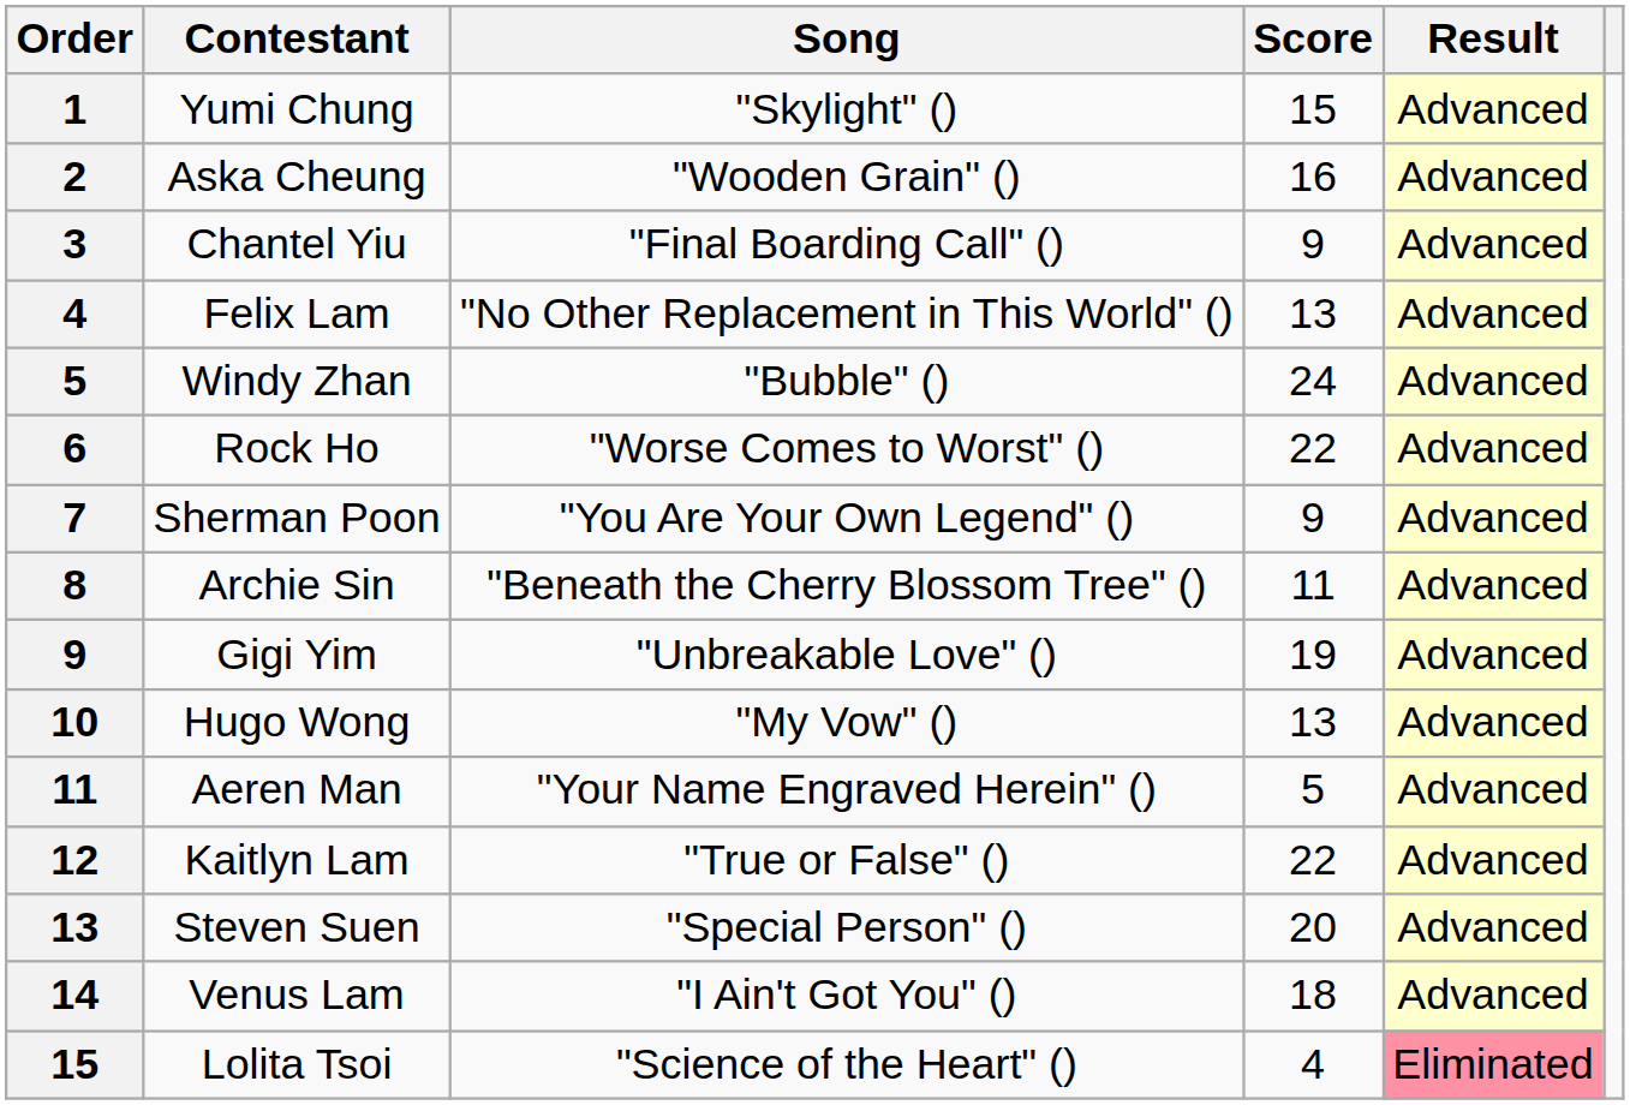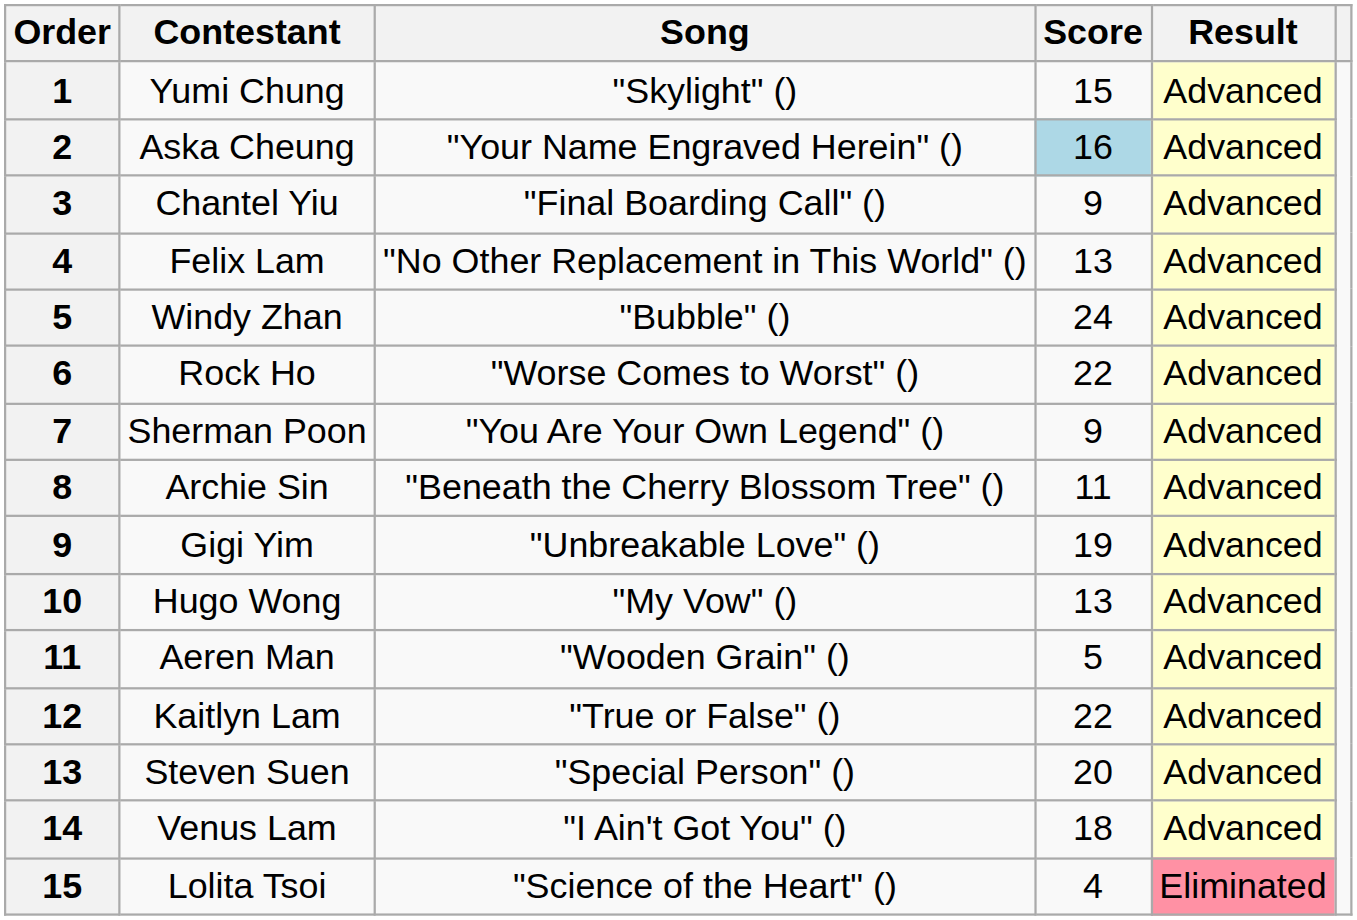 <table class="wikitable unsortable" style="text-align:center; line-height:18px;">
 <tr>
 <th scope="col">Order</th>
 <th scope="col">Contestant</th>
 <th scope="col">Song</th>
 <th>Score</th>
 <th scope="col">Result</th>
 <th></th>
 </tr>
 <tr>
 <th scope="row">1</th>
 <td>Yumi Chung</td>
 <td>"Skylight" () </td>
 <td>15</td>
 <td style="background:#FFFFCC;">Advanced</td>
 <td rowspan="15"></td>
 </tr>
 <tr>
 <th scope="row">2</th>
 <td>Aska Cheung</td>
-<td>"Wooden Grain" () </td>
-<td>16</td>
+<td>"Your Name Engraved Herein" () </td>
+<td style="background: lightblue;">16</td>
 <td style="background:#FFFFCC;">Advanced</td>
 </tr>
 <tr>
 <th scope="row">3</th>
 <td>Chantel Yiu</td>
 <td>"Final Boarding Call" () </td>
 <td>9</td>
 <td style="background:#FFFFCC;">Advanced</td>
 </tr>
 <tr>
 <th scope="row">4</th>
 <td>Felix Lam</td>
 <td>"No Other Replacement in This World" () </td>
 <td>13</td>
 <td style="background:#FFFFCC;">Advanced</td>
 </tr>
 <tr>
 <th scope="row">5</th>
 <td>Windy Zhan</td>
 <td>"Bubble" () </td>
 <td>24</td>
 <td style="background:#FFFFCC;">Advanced</td>
 </tr>
 <tr>
 <th scope="row">6</th>
 <td>Rock Ho</td>
 <td>"Worse Comes to Worst" () </td>
 <td>22</td>
 <td style="background:#FFFFCC;">Advanced</td>
 </tr>
 <tr>
 <th scope="row">7</th>
 <td>Sherman Poon</td>
 <td>"You Are Your Own Legend" () </td>
 <td>9</td>
 <td style="background:#FFFFCC;">Advanced</td>
 </tr>
 <tr>
 <th scope="row">8</th>
 <td>Archie Sin</td>
 <td>"Beneath the Cherry Blossom Tree" () </td>
 <td>11</td>
 <td style="background:#FFFFCC;">Advanced</td>
 </tr>
 <tr>
 <th scope="row">9</th>
 <td>Gigi Yim</td>
 <td>"Unbreakable Love" () </td>
 <td>19</td>
 <td style="background:#FFFFCC;">Advanced</td>
 </tr>
 <tr>
 <th scope="row">10</th>
 <td>Hugo Wong</td>
 <td>"My Vow" () </td>
 <td>13</td>
 <td style="background:#FFFFCC;">Advanced</td>
 </tr>
 <tr>
 <th scope="row">11</th>
 <td>Aeren Man</td>
-<td>"Your Name Engraved Herein" () </td>
+<td>"Wooden Grain" () </td>
 <td>5</td>
 <td style="background:#FFFFCC;">Advanced</td>
 </tr>
 <tr>
 <th scope="row">12</th>
 <td>Kaitlyn Lam</td>
 <td>"True or False" () </td>
 <td>22</td>
 <td style="background:#FFFFCC;">Advanced</td>
 </tr>
 <tr>
 <th scope="row">13</th>
 <td>Steven Suen</td>
 <td>"Special Person" () </td>
 <td>20</td>
 <td style="background:#FFFFCC;">Advanced</td>
 </tr>
 <tr>
 <th scope="row">14</th>
 <td>Venus Lam</td>
 <td>"I Ain't Got You" () </td>
 <td>18</td>
 <td style="background:#FFFFCC;">Advanced</td>
 </tr>
 <tr>
 <th scope="row">15</th>
 <td>Lolita Tsoi</td>
 <td>"Science of the Heart" () </td>
 <td>4</td>
 <td style="background:#FF91A4;">Eliminated</td>
 </tr>
 </table>
